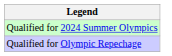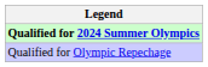 <table class="wikitable">
 <tr>
 <th>Legend</th>
 </tr>
 <tr bgcolor="ccffcc">
-<td>Qualified for <a href='#'>2024 Summer Olympics</a></td>
+<td><strong>Qualified for <a href='#'>2024 Summer Olympics</a></strong></td>
 </tr>
 <tr bgcolor="ccccff">
 <td>Qualified for <a href='#'>Olympic Repechage</a></td>
 </tr>
 </table>
